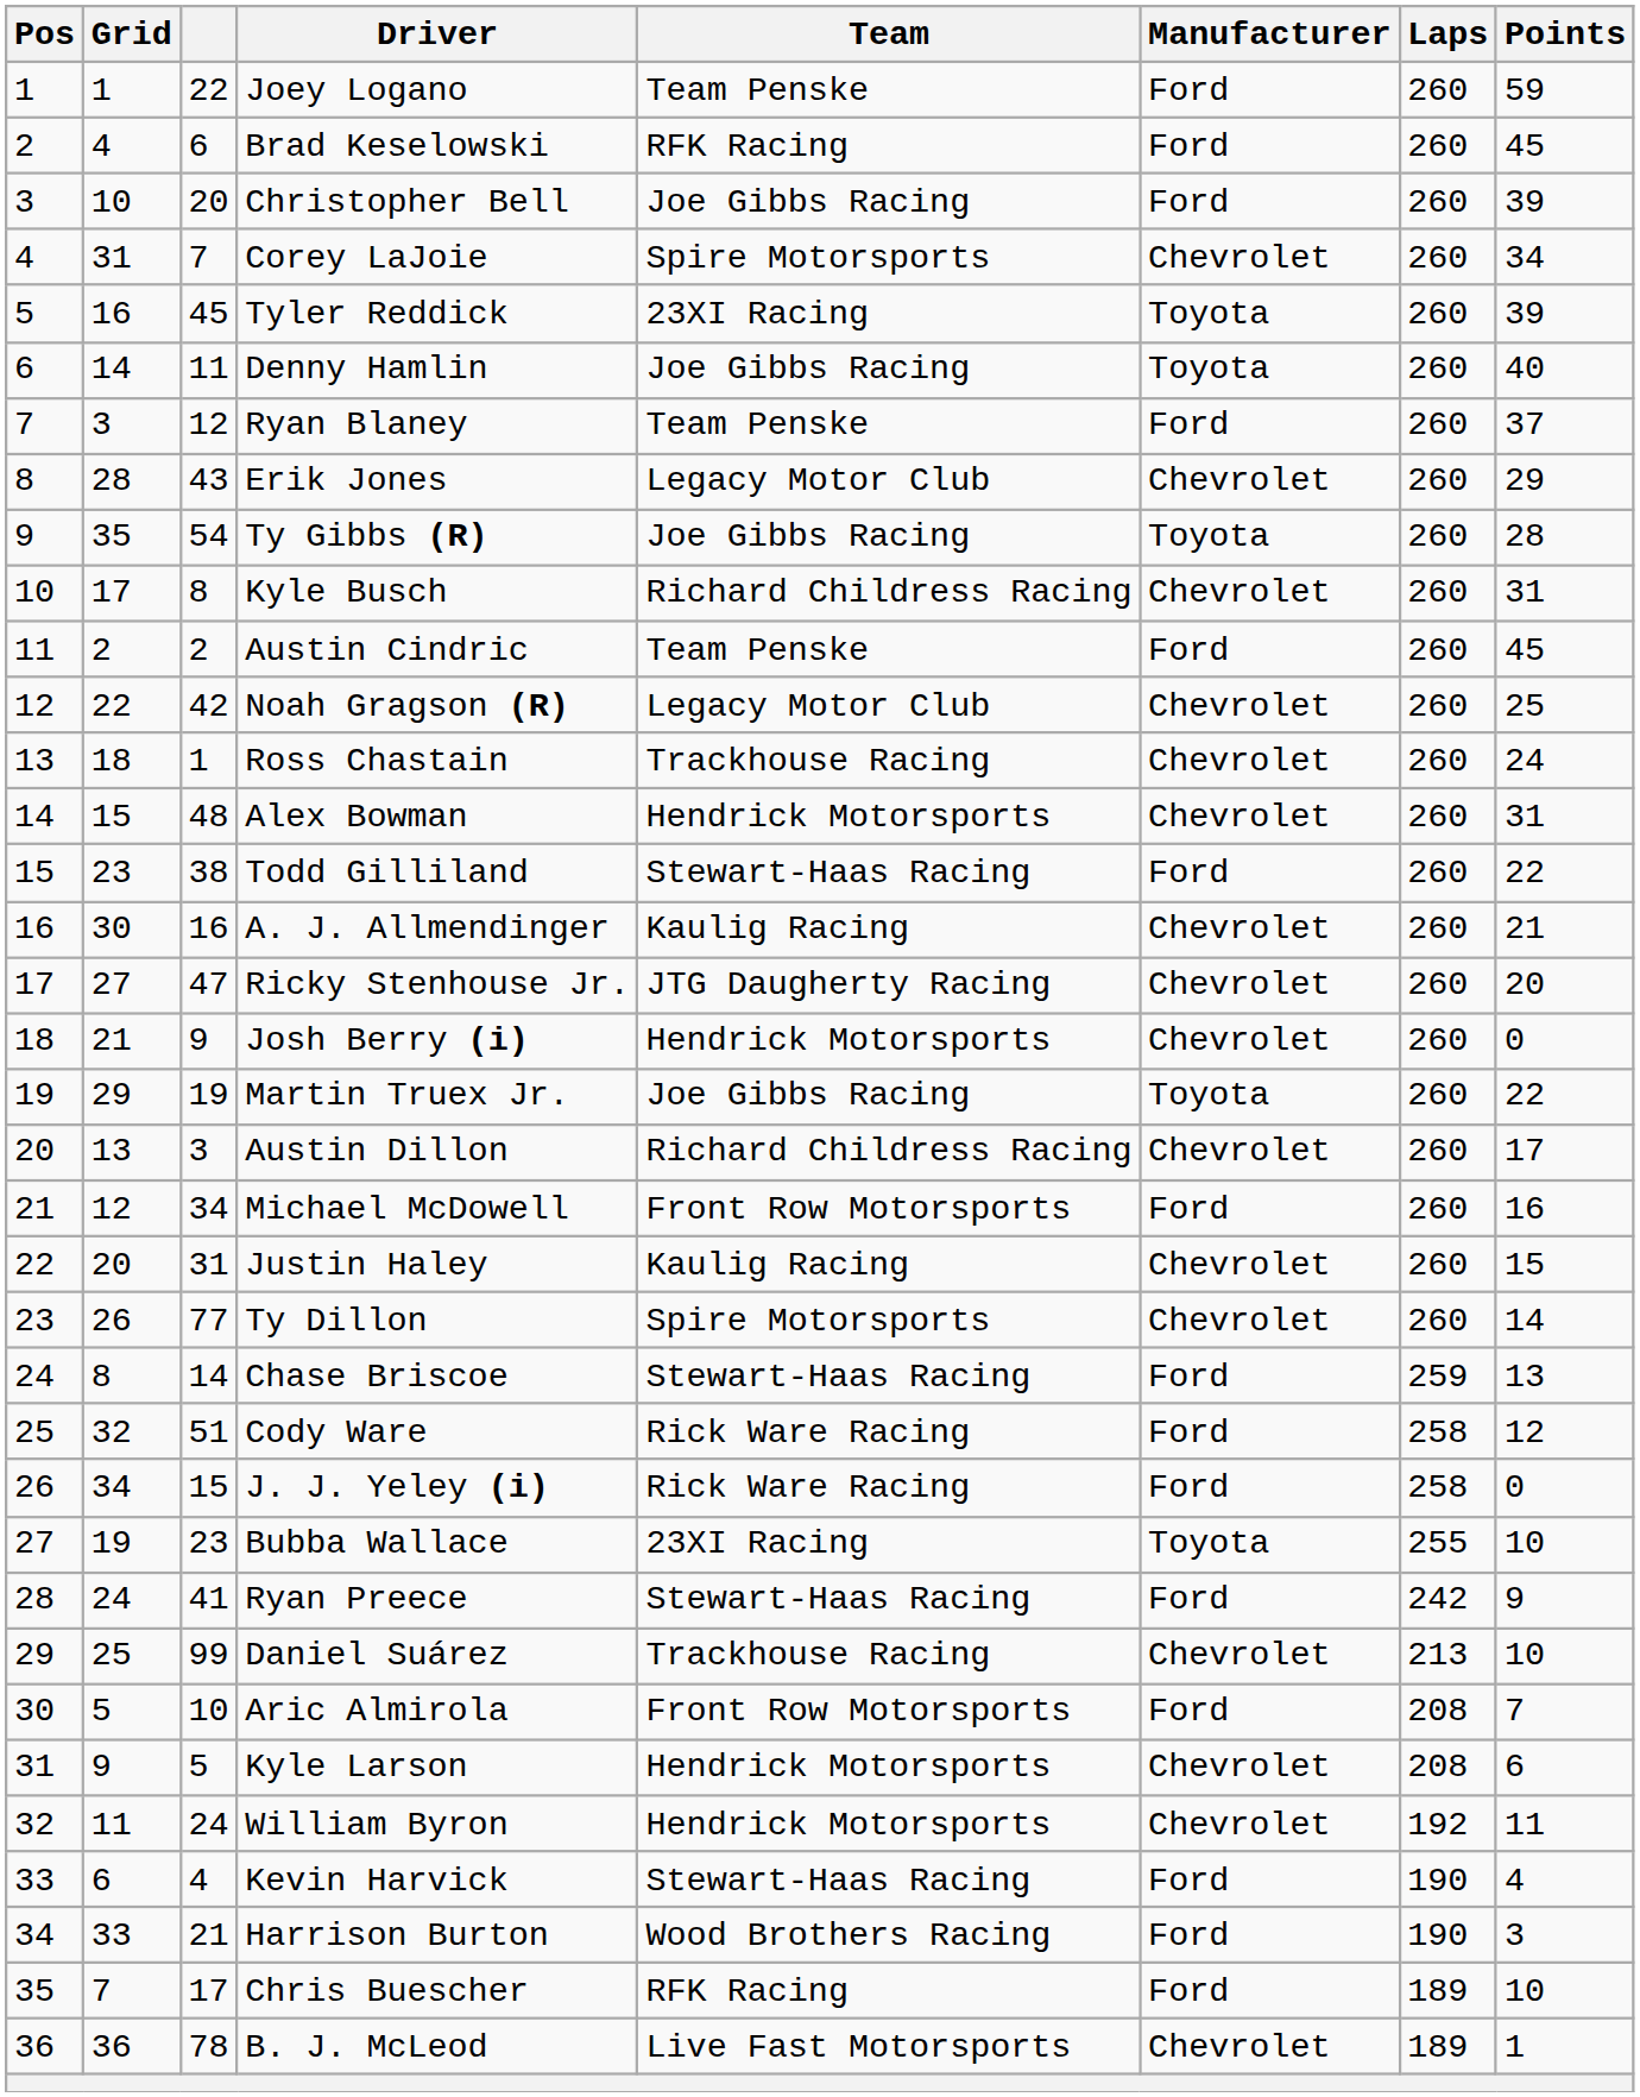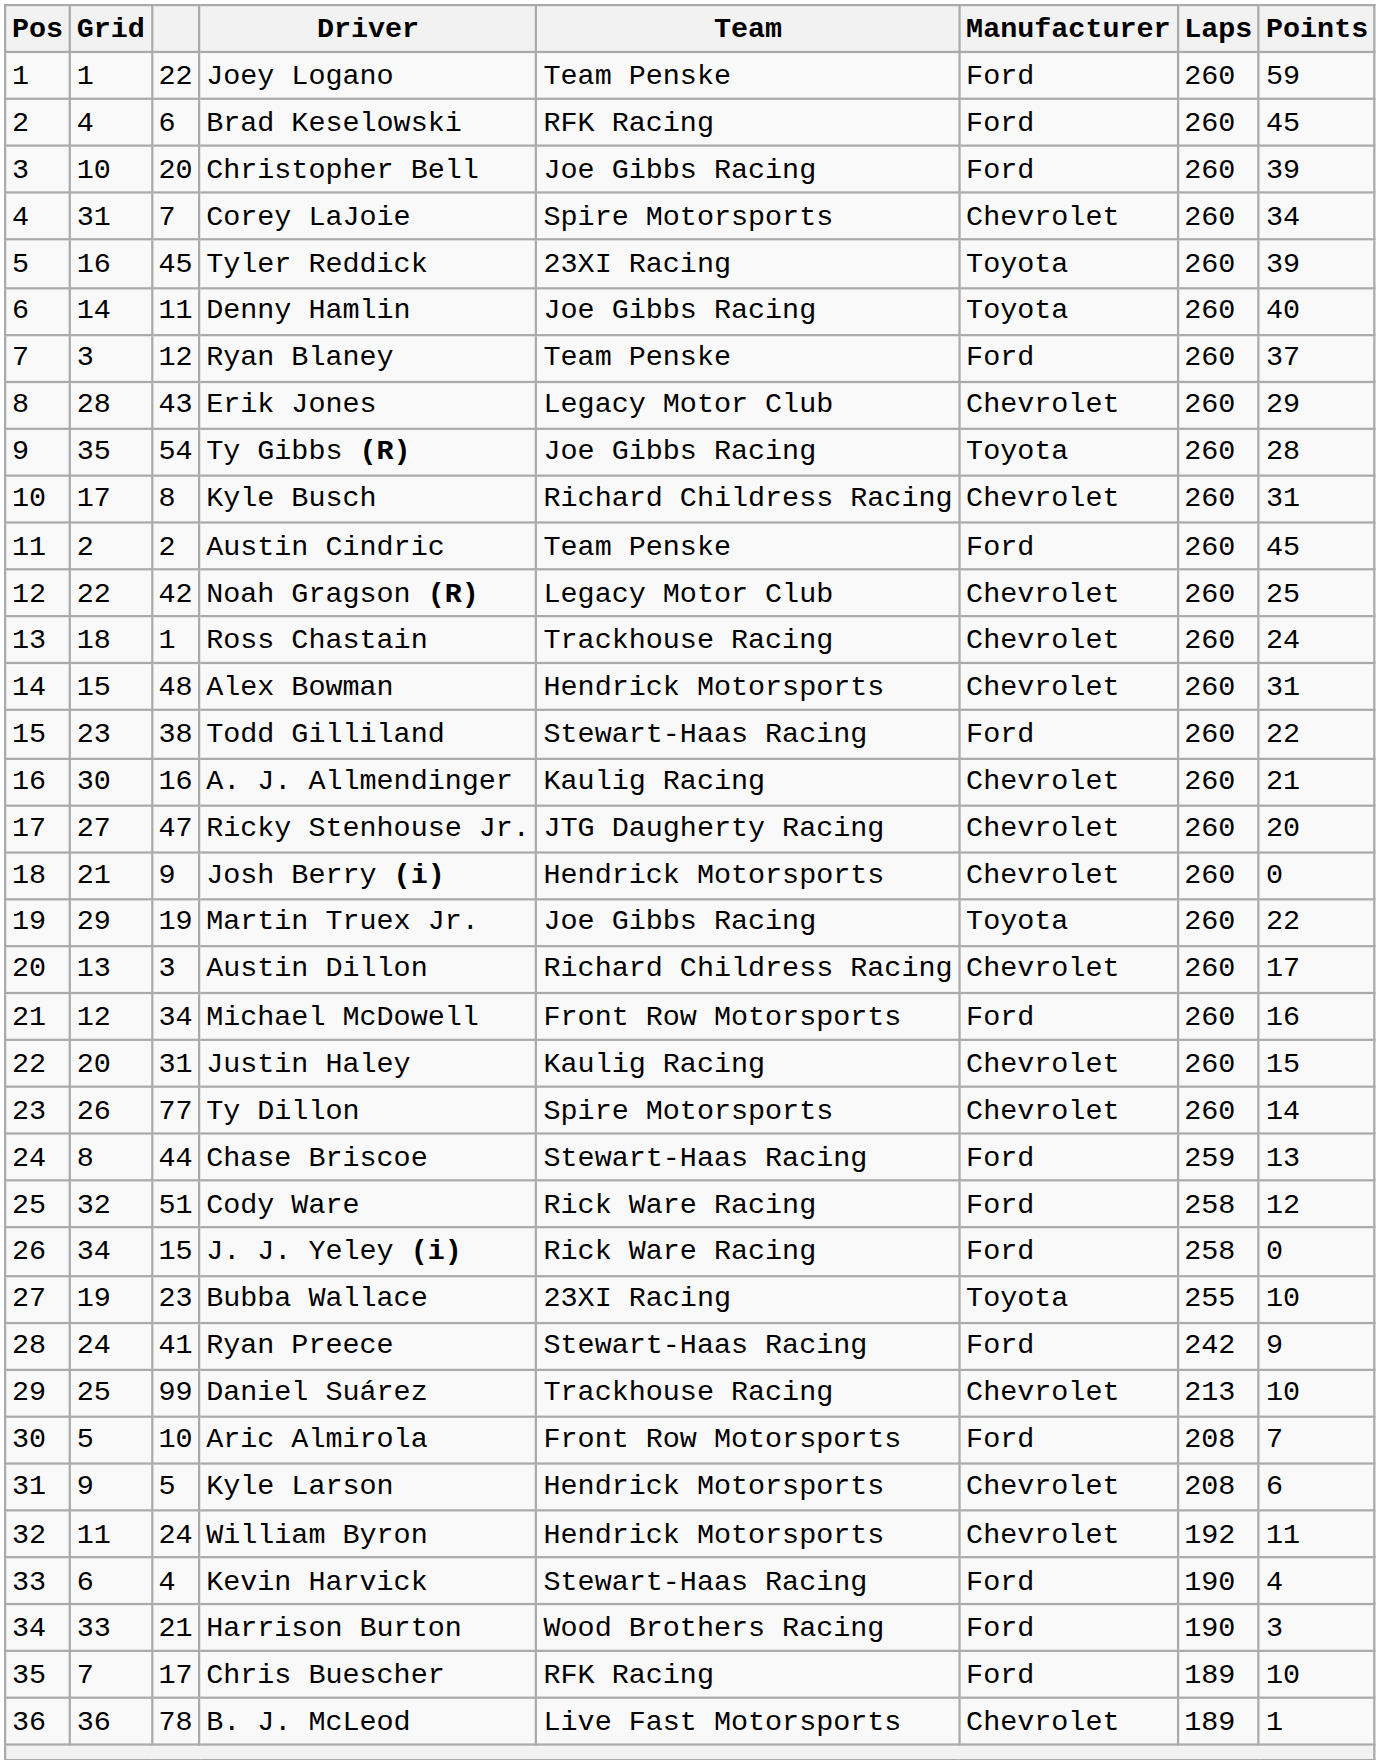 <table class="wikitable" style="font-size:98%">
 <tr>
 <th>Pos</th>
 <th>Grid</th>
 <th></th>
 <th>Driver</th>
 <th>Team</th>
 <th>Manufacturer</th>
 <th>Laps</th>
 <th>Points</th>
 </tr>
 <tr>
 <td>1</td>
 <td>1</td>
 <td>22</td>
 <td>Joey Logano</td>
 <td>Team Penske</td>
 <td>Ford</td>
 <td>260</td>
 <td>59</td>
 </tr>
 <tr>
 <td>2</td>
 <td>4</td>
 <td>6</td>
 <td>Brad Keselowski</td>
 <td>RFK Racing</td>
 <td>Ford</td>
 <td>260</td>
 <td>45</td>
 </tr>
 <tr>
 <td>3</td>
 <td>10</td>
 <td>20</td>
 <td>Christopher Bell</td>
 <td>Joe Gibbs Racing</td>
 <td>Ford</td>
 <td>260</td>
 <td>39</td>
 </tr>
 <tr>
 <td>4</td>
 <td>31</td>
 <td>7</td>
 <td>Corey LaJoie</td>
 <td>Spire Motorsports</td>
 <td>Chevrolet</td>
 <td>260</td>
 <td>34</td>
 </tr>
 <tr>
 <td>5</td>
 <td>16</td>
 <td>45</td>
 <td>Tyler Reddick</td>
 <td>23XI Racing</td>
 <td>Toyota</td>
 <td>260</td>
 <td>39</td>
 </tr>
 <tr>
 <td>6</td>
 <td>14</td>
 <td>11</td>
 <td>Denny Hamlin</td>
 <td>Joe Gibbs Racing</td>
 <td>Toyota</td>
 <td>260</td>
 <td>40</td>
 </tr>
 <tr>
 <td>7</td>
 <td>3</td>
 <td>12</td>
 <td>Ryan Blaney</td>
 <td>Team Penske</td>
 <td>Ford</td>
 <td>260</td>
 <td>37</td>
 </tr>
 <tr>
 <td>8</td>
 <td>28</td>
 <td>43</td>
 <td>Erik Jones</td>
 <td>Legacy Motor Club</td>
 <td>Chevrolet</td>
 <td>260</td>
 <td>29</td>
 </tr>
 <tr>
 <td>9</td>
 <td>35</td>
 <td>54</td>
 <td>Ty Gibbs <strong>(R)</strong></td>
 <td>Joe Gibbs Racing</td>
 <td>Toyota</td>
 <td>260</td>
 <td>28</td>
 </tr>
 <tr>
 <td>10</td>
 <td>17</td>
 <td>8</td>
 <td>Kyle Busch</td>
 <td>Richard Childress Racing</td>
 <td>Chevrolet</td>
 <td>260</td>
 <td>31</td>
 </tr>
 <tr>
 <td>11</td>
 <td>2</td>
 <td>2</td>
 <td>Austin Cindric</td>
 <td>Team Penske</td>
 <td>Ford</td>
 <td>260</td>
 <td>45</td>
 </tr>
 <tr>
 <td>12</td>
 <td>22</td>
 <td>42</td>
 <td>Noah Gragson <strong>(R)</strong></td>
 <td>Legacy Motor Club</td>
 <td>Chevrolet</td>
 <td>260</td>
 <td>25</td>
 </tr>
 <tr>
 <td>13</td>
 <td>18</td>
 <td>1</td>
 <td>Ross Chastain</td>
 <td>Trackhouse Racing</td>
 <td>Chevrolet</td>
 <td>260</td>
 <td>24</td>
 </tr>
 <tr>
 <td>14</td>
 <td>15</td>
 <td>48</td>
 <td>Alex Bowman</td>
 <td>Hendrick Motorsports</td>
 <td>Chevrolet</td>
 <td>260</td>
 <td>31</td>
 </tr>
 <tr>
 <td>15</td>
 <td>23</td>
 <td>38</td>
 <td>Todd Gilliland</td>
 <td>Stewart-Haas Racing</td>
 <td>Ford</td>
 <td>260</td>
 <td>22</td>
 </tr>
 <tr>
 <td>16</td>
 <td>30</td>
 <td>16</td>
 <td>A. J. Allmendinger</td>
 <td>Kaulig Racing</td>
 <td>Chevrolet</td>
 <td>260</td>
 <td>21</td>
 </tr>
 <tr>
 <td>17</td>
 <td>27</td>
 <td>47</td>
 <td>Ricky Stenhouse Jr.</td>
 <td>JTG Daugherty Racing</td>
 <td>Chevrolet</td>
 <td>260</td>
 <td>20</td>
 </tr>
 <tr>
 <td>18</td>
 <td>21</td>
 <td>9</td>
 <td>Josh Berry <strong>(i)</strong></td>
 <td>Hendrick Motorsports</td>
 <td>Chevrolet</td>
 <td>260</td>
 <td>0</td>
 </tr>
 <tr>
 <td>19</td>
 <td>29</td>
 <td>19</td>
 <td>Martin Truex Jr.</td>
 <td>Joe Gibbs Racing</td>
 <td>Toyota</td>
 <td>260</td>
 <td>22</td>
 </tr>
 <tr>
 <td>20</td>
 <td>13</td>
 <td>3</td>
 <td>Austin Dillon</td>
 <td>Richard Childress Racing</td>
 <td>Chevrolet</td>
 <td>260</td>
 <td>17</td>
 </tr>
 <tr>
 <td>21</td>
 <td>12</td>
 <td>34</td>
 <td>Michael McDowell</td>
 <td>Front Row Motorsports</td>
 <td>Ford</td>
 <td>260</td>
 <td>16</td>
 </tr>
 <tr>
 <td>22</td>
 <td>20</td>
 <td>31</td>
 <td>Justin Haley</td>
 <td>Kaulig Racing</td>
 <td>Chevrolet</td>
 <td>260</td>
 <td>15</td>
 </tr>
 <tr>
 <td>23</td>
 <td>26</td>
 <td>77</td>
 <td>Ty Dillon</td>
 <td>Spire Motorsports</td>
 <td>Chevrolet</td>
 <td>260</td>
 <td>14</td>
 </tr>
 <tr>
 <td>24</td>
 <td>8</td>
-<td>14</td>
+<td>44</td>
 <td>Chase Briscoe</td>
 <td>Stewart-Haas Racing</td>
 <td>Ford</td>
 <td>259</td>
 <td>13</td>
 </tr>
 <tr>
 <td>25</td>
 <td>32</td>
 <td>51</td>
 <td>Cody Ware</td>
 <td>Rick Ware Racing</td>
 <td>Ford</td>
 <td>258</td>
 <td>12</td>
 </tr>
 <tr>
 <td>26</td>
 <td>34</td>
 <td>15</td>
 <td>J. J. Yeley <strong>(i)</strong></td>
 <td>Rick Ware Racing</td>
 <td>Ford</td>
 <td>258</td>
 <td>0</td>
 </tr>
 <tr>
 <td>27</td>
 <td>19</td>
 <td>23</td>
 <td>Bubba Wallace</td>
 <td>23XI Racing</td>
 <td>Toyota</td>
 <td>255</td>
 <td>10</td>
 </tr>
 <tr>
 <td>28</td>
 <td>24</td>
 <td>41</td>
 <td>Ryan Preece</td>
 <td>Stewart-Haas Racing</td>
 <td>Ford</td>
 <td>242</td>
 <td>9</td>
 </tr>
 <tr>
 <td>29</td>
 <td>25</td>
 <td>99</td>
 <td>Daniel Suárez</td>
 <td>Trackhouse Racing</td>
 <td>Chevrolet</td>
 <td>213</td>
 <td>10</td>
 </tr>
 <tr>
 <td>30</td>
 <td>5</td>
 <td>10</td>
 <td>Aric Almirola</td>
 <td>Front Row Motorsports</td>
 <td>Ford</td>
 <td>208</td>
 <td>7</td>
 </tr>
 <tr>
 <td>31</td>
 <td>9</td>
 <td>5</td>
 <td>Kyle Larson</td>
 <td>Hendrick Motorsports</td>
 <td>Chevrolet</td>
 <td>208</td>
 <td>6</td>
 </tr>
 <tr>
 <td>32</td>
 <td>11</td>
 <td>24</td>
 <td>William Byron</td>
 <td>Hendrick Motorsports</td>
 <td>Chevrolet</td>
 <td>192</td>
 <td>11</td>
 </tr>
 <tr>
 <td>33</td>
 <td>6</td>
 <td>4</td>
 <td>Kevin Harvick</td>
 <td>Stewart-Haas Racing</td>
 <td>Ford</td>
 <td>190</td>
 <td>4</td>
 </tr>
 <tr>
 <td>34</td>
 <td>33</td>
 <td>21</td>
 <td>Harrison Burton</td>
 <td>Wood Brothers Racing</td>
 <td>Ford</td>
 <td>190</td>
 <td>3</td>
 </tr>
 <tr>
 <td>35</td>
 <td>7</td>
 <td>17</td>
 <td>Chris Buescher</td>
 <td>RFK Racing</td>
 <td>Ford</td>
 <td>189</td>
 <td>10</td>
 </tr>
 <tr>
 <td>36</td>
 <td>36</td>
 <td>78</td>
 <td>B. J. McLeod</td>
 <td>Live Fast Motorsports</td>
 <td>Chevrolet</td>
 <td>189</td>
 <td>1</td>
 </tr>
 <tr>
 <th colspan="8"></th>
 </tr>
 </table>
